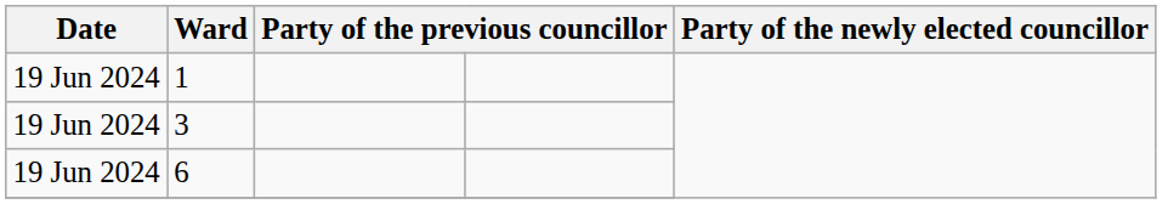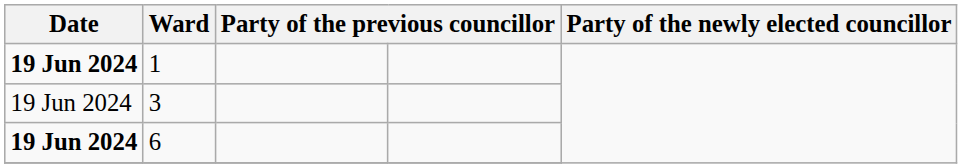 <table class="wikitable">
 <tr>
 <th>Date</th>
 <th>Ward</th>
 <th colspan=2>Party of the previous councillor</th>
 <th colspan=2>Party of the newly elected councillor</th>
 </tr>
 <tr>
-<td>19 Jun 2024</td>
+<td><strong>19 Jun 2024</strong></td>
 <td>1</td>
 <td></td>
 <td></td>
 </tr>
 <tr>
 <td>19 Jun 2024</td>
 <td>3</td>
 <td></td>
 <td></td>
 </tr>
 <tr>
-<td>19 Jun 2024</td>
+<td><strong>19 Jun 2024</strong></td>
 <td>6</td>
 <td></td>
 <td></td>
 </tr>
 <tr>
 </tr>
 </table>
